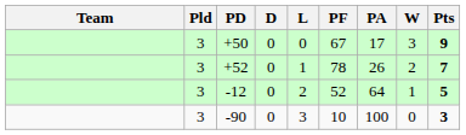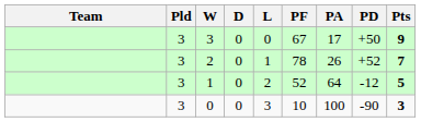 <table class="wikitable" style="text-align:center;">
 <tr>
 <th width=175>Team</th>
 <th width=25 abbr="Played">Pld</th>
-<th width=32 abbr="Points difference">PD</th>
+<th width=25 abbr="Won">W</th>
 <th width=25 abbr="Drawn">D</th>
 <th width=25 abbr="Lost">L</th>
 <th width=32 abbr="Points for">PF</th>
 <th width=32 abbr="Points against">PA</th>
-<th width=25 abbr="Won">W</th>
+<th width=32 abbr="Points difference">PD</th>
 <th width=25 abbr="Points">Pts</th>
 </tr>
 <tr bgcolor=ccffcc>
 <td align=left></td>
 <td>3</td>
-<td>+50</td>
+<td>3</td>
 <td>0</td>
 <td>0</td>
 <td>67</td>
 <td>17</td>
-<td>3</td>
+<td>+50</td>
 <td><strong>9</strong></td>
 </tr>
 <tr bgcolor=ccffcc>
 <td align=left></td>
 <td>3</td>
-<td>+52</td>
+<td>2</td>
 <td>0</td>
 <td>1</td>
 <td>78</td>
 <td>26</td>
-<td>2</td>
+<td>+52</td>
 <td><strong>7</strong></td>
 </tr>
 <tr bgcolor=ccffcc>
 <td align=left></td>
 <td>3</td>
-<td>-12</td>
+<td>1</td>
 <td>0</td>
 <td>2</td>
 <td>52</td>
 <td>64</td>
-<td>1</td>
+<td>-12</td>
 <td><strong>5</strong></td>
 </tr>
 <tr>
 <td align=left></td>
 <td>3</td>
-<td>-90</td>
+<td>0</td>
 <td>0</td>
 <td>3</td>
 <td>10</td>
 <td>100</td>
-<td>0</td>
+<td>-90</td>
 <td><strong>3</strong></td>
 </tr>
 </table>
